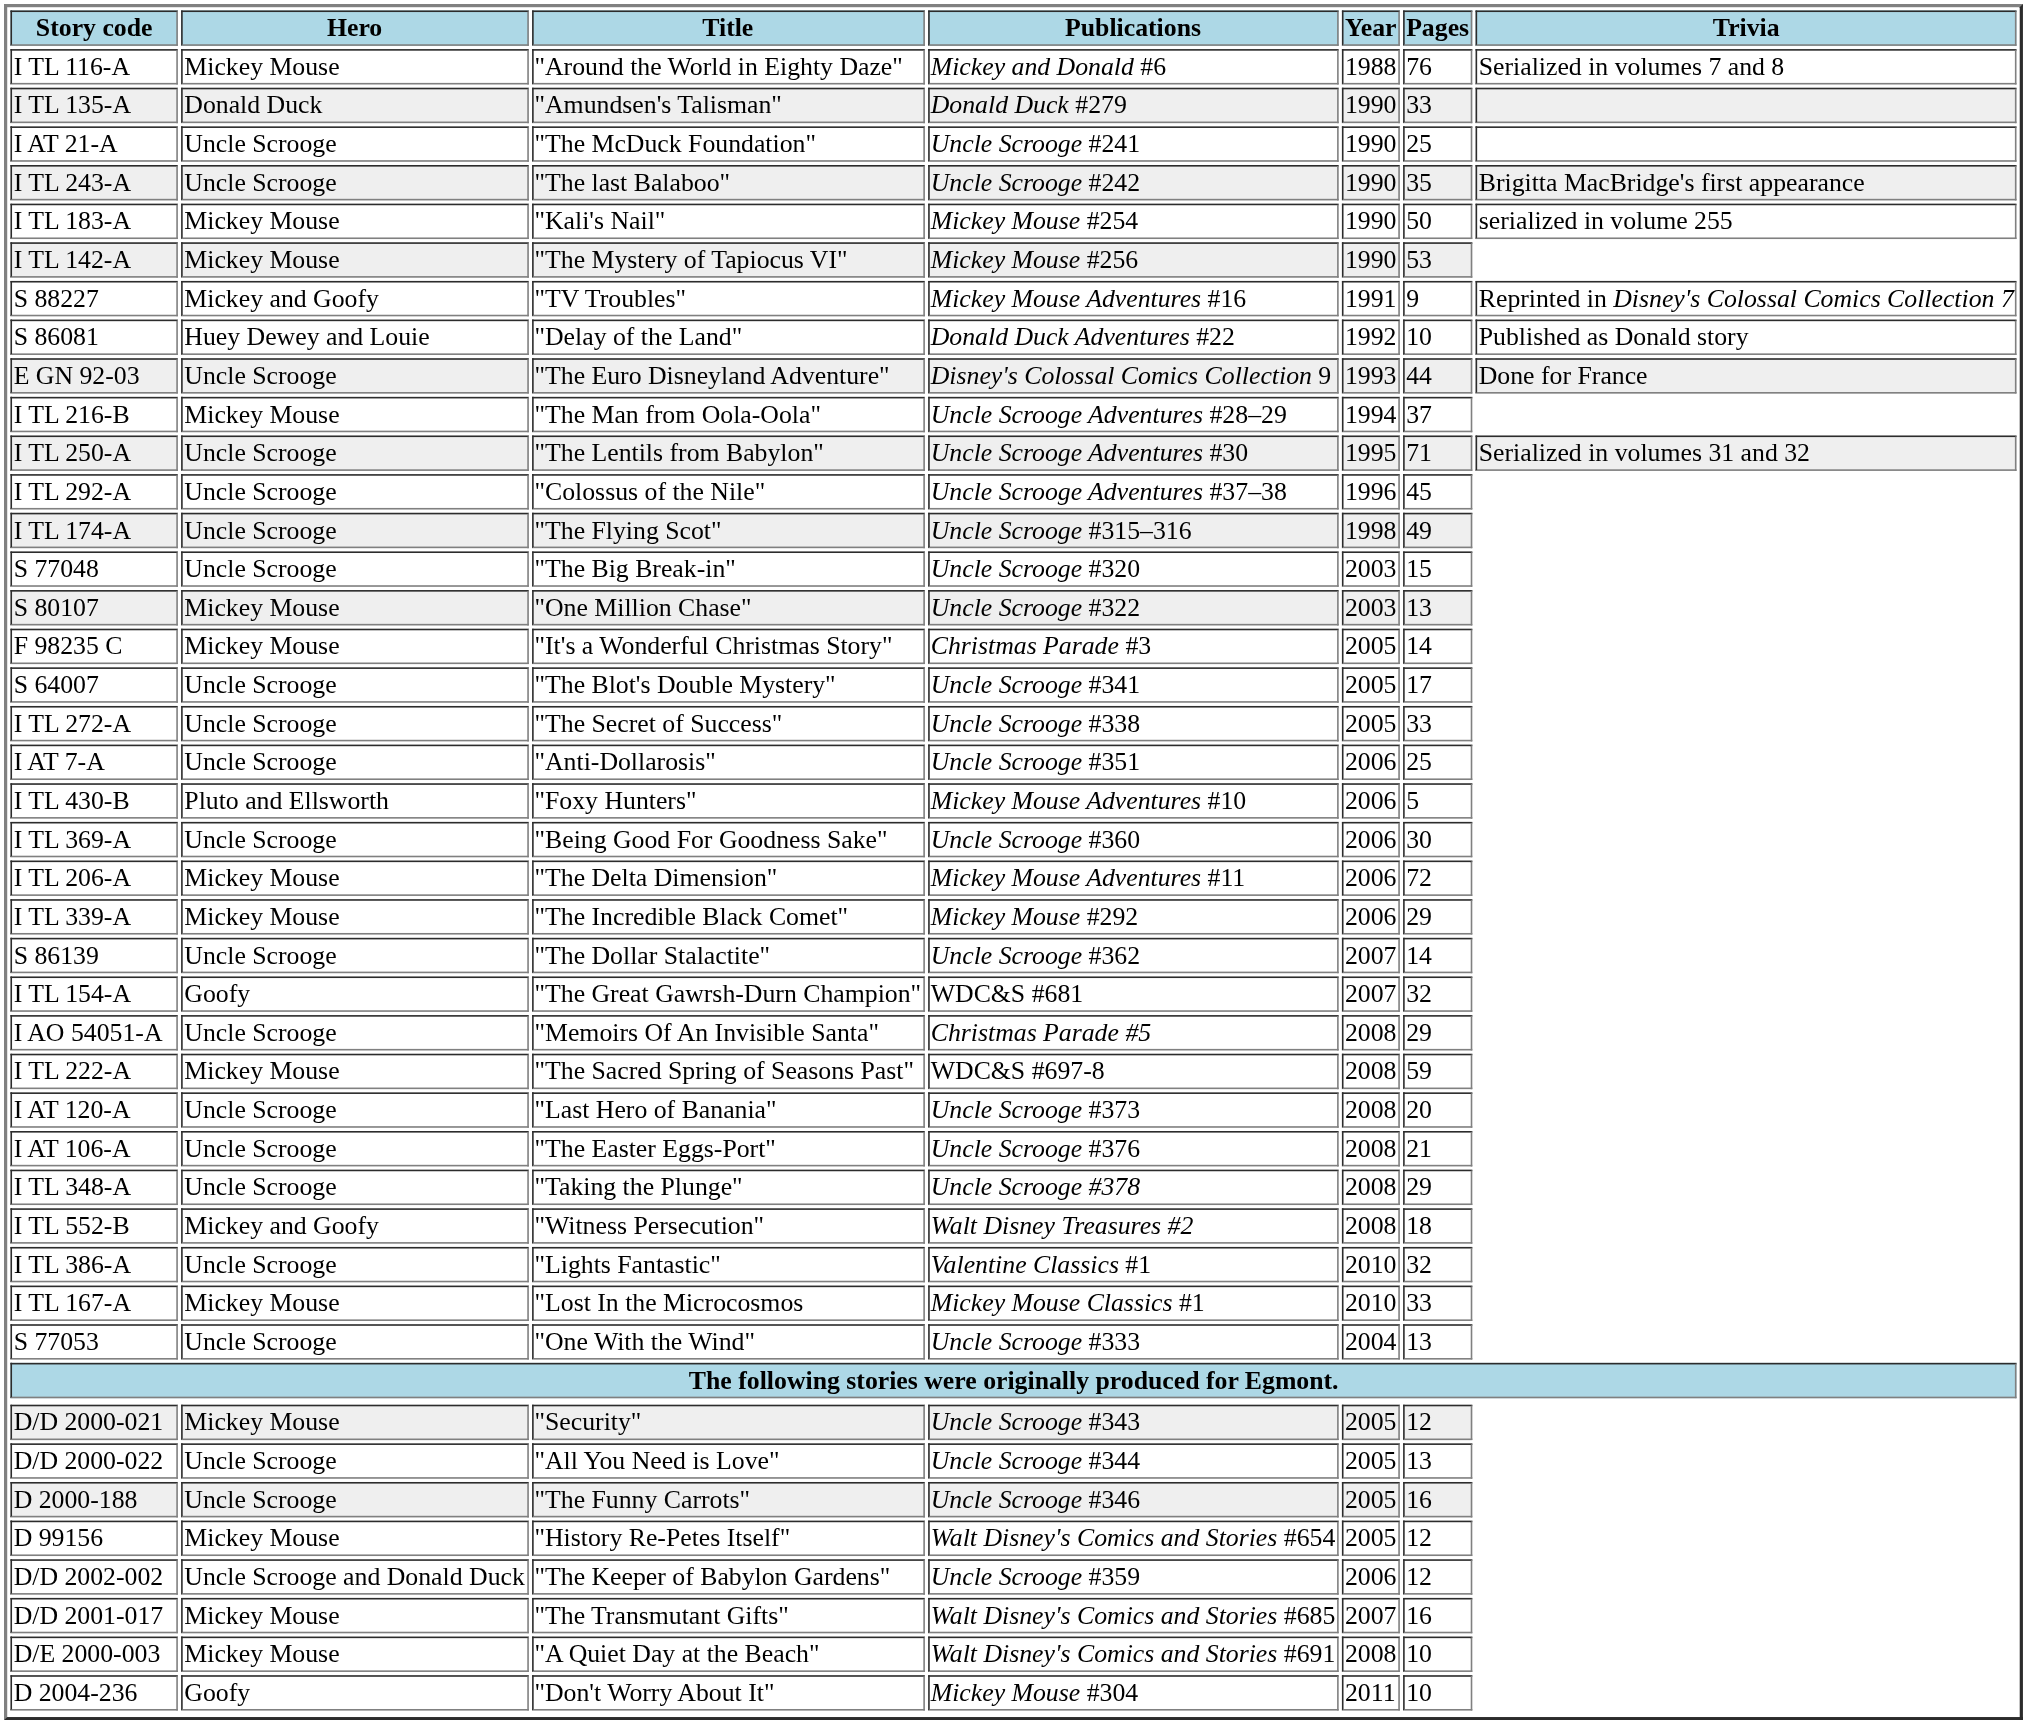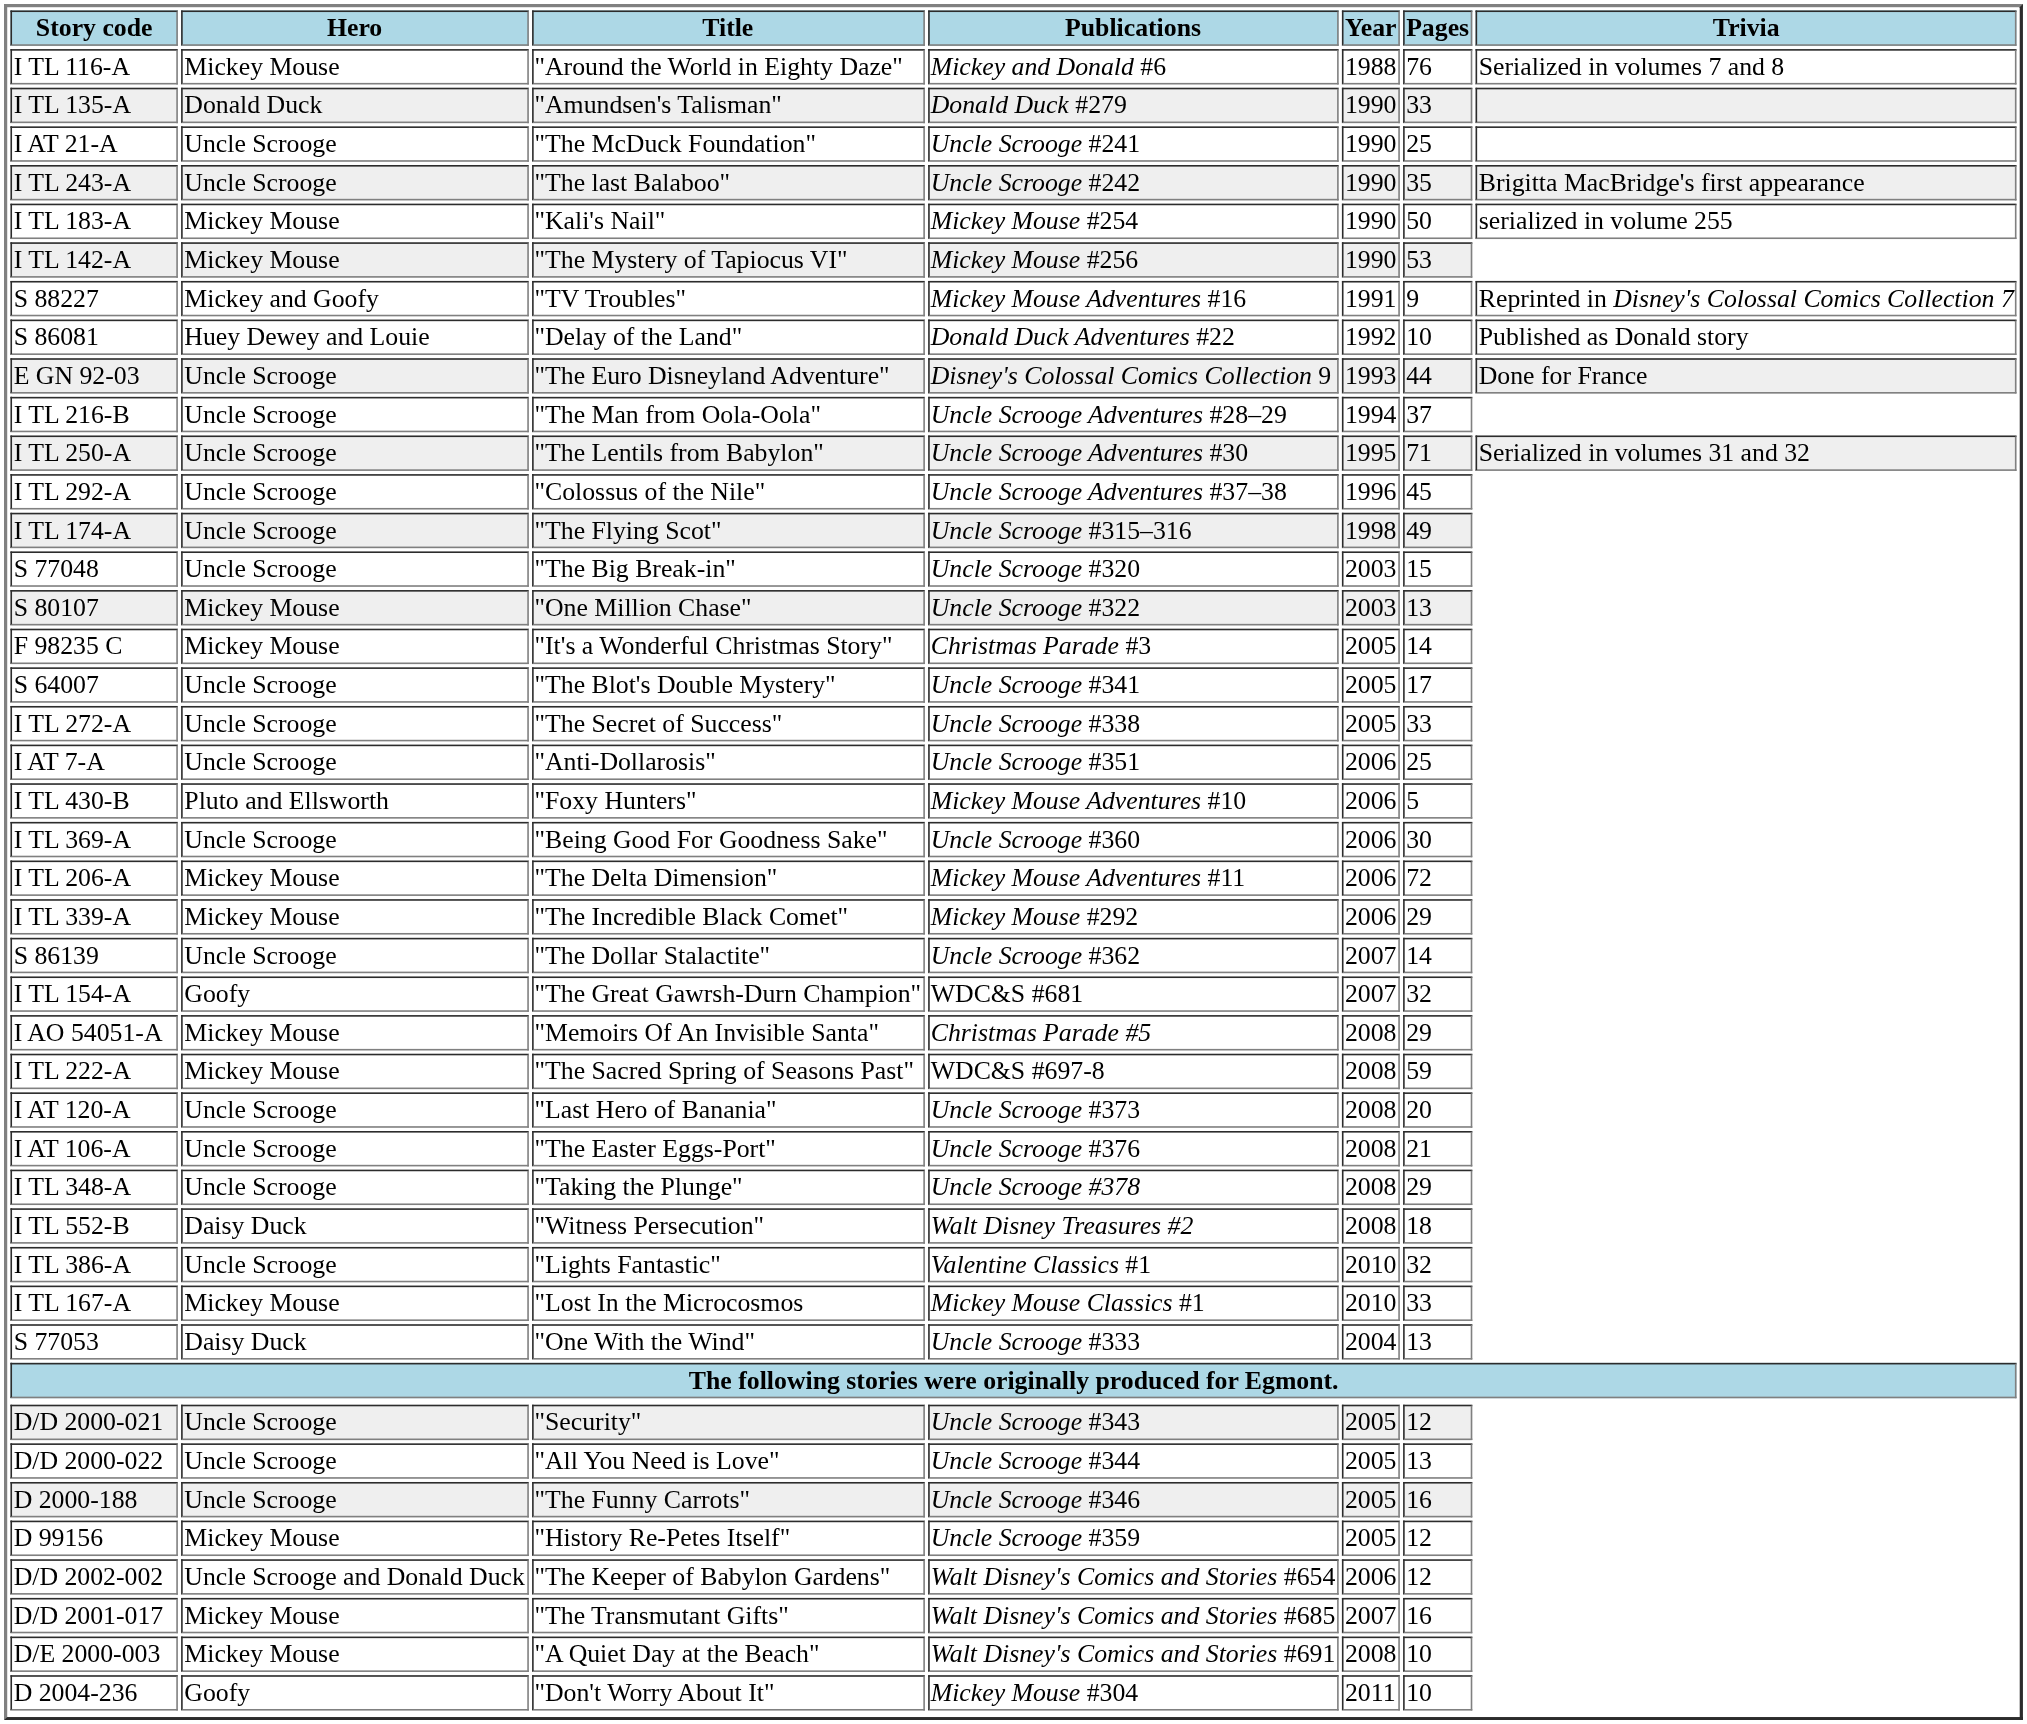 <table border="2" style="border:">
 <tr>
 <th style="background:lightblue;width:100px">Story code</th>
 <th style="background:lightblue">Hero</th>
 <th style="background:lightblue">Title</th>
 <th style="background:lightblue">Publications</th>
 <th style="background:lightblue">Year</th>
 <th style="background:lightblue">Pages</th>
 <th style="background:lightblue">Trivia</th>
 </tr>
 <tr>
 <td>I TL 116-A</td>
 <td>Mickey Mouse</td>
 <td>"Around the World in Eighty Daze"</td>
 <td><em>Mickey and Donald </em> #6</td>
 <td>1988</td>
 <td>76</td>
 <td>Serialized in volumes 7 and 8</td>
 </tr>
 <tr bgcolor="#EFEFEF">
 <td>I TL 135-A</td>
 <td>Donald Duck</td>
 <td>"Amundsen's Talisman"</td>
 <td><em>Donald Duck</em> #279</td>
 <td>1990</td>
 <td>33</td>
 <td></td>
 </tr>
 <tr>
 <td>I AT 21-A</td>
 <td>Uncle Scrooge</td>
 <td>"The McDuck Foundation"</td>
 <td><em>Uncle Scrooge</em> #241</td>
 <td>1990</td>
 <td>25</td>
 <td></td>
 </tr>
 <tr bgcolor="#EFEFEF">
 <td>I TL 243-A</td>
 <td>Uncle Scrooge</td>
 <td>"The last Balaboo"</td>
 <td><em>Uncle Scrooge</em> #242</td>
 <td>1990</td>
 <td>35</td>
 <td>Brigitta MacBridge's first appearance</td>
 </tr>
 <tr>
 <td>I TL 183-A</td>
 <td>Mickey Mouse</td>
 <td>"Kali's Nail"</td>
 <td><em>Mickey Mouse </em> #254</td>
 <td>1990</td>
 <td>50</td>
 <td>serialized in volume 255</td>
 </tr>
 <tr bgcolor="#EFEFEF">
 <td>I TL 142-A</td>
 <td>Mickey Mouse</td>
 <td>"The Mystery of Tapiocus VI"</td>
 <td><em>Mickey Mouse</em> #256</td>
 <td>1990</td>
 <td>53</td>
 </tr>
 <tr>
 <td>S 88227</td>
 <td>Mickey and Goofy</td>
 <td>"TV Troubles"</td>
 <td><em>Mickey Mouse Adventures </em>#16</td>
 <td>1991</td>
 <td>9</td>
 <td>Reprinted in <em>Disney's Colossal Comics Collection 7</em></td>
 </tr>
 <tr>
 <td>S 86081</td>
 <td>Huey Dewey and Louie</td>
 <td>"Delay of the Land"</td>
 <td><em>Donald Duck Adventures </em>#22</td>
 <td>1992</td>
 <td>10</td>
 <td>Published as Donald story</td>
 </tr>
 <tr bgcolor="#EFEFEF">
 <td>E GN 92-03</td>
 <td>Uncle Scrooge</td>
 <td>"The Euro Disneyland Adventure"</td>
 <td><em>Disney's Colossal Comics Collection </em>9</td>
 <td>1993</td>
 <td>44</td>
 <td>Done for France</td>
 </tr>
 <tr>
 <td>I TL 216-B</td>
-<td>Mickey Mouse</td>
+<td>Uncle Scrooge</td>
 <td>"The Man from Oola-Oola"</td>
 <td><em> Uncle Scrooge Adventures </em>#28–29</td>
 <td>1994</td>
 <td>37</td>
 </tr>
 <tr bgcolor="#EFEFEF">
 <td>I TL 250-A</td>
 <td>Uncle Scrooge</td>
 <td>"The Lentils from Babylon"</td>
 <td><em>Uncle Scrooge Adventures </em> #30</td>
 <td>1995</td>
 <td>71</td>
 <td>Serialized in volumes 31 and 32</td>
 </tr>
 <tr>
 <td>I TL 292-A</td>
 <td>Uncle Scrooge</td>
 <td>"Colossus of the Nile"</td>
 <td><em>Uncle Scrooge Adventures</em> #37–38</td>
 <td>1996</td>
 <td>45</td>
 </tr>
 <tr bgcolor="#EFEFEF">
 <td>I TL 174-A</td>
 <td>Uncle Scrooge</td>
 <td>"The Flying Scot"</td>
 <td><em> Uncle Scrooge</em> #315–316</td>
 <td>1998</td>
 <td>49</td>
 </tr>
 <tr>
 <td>S 77048</td>
 <td>Uncle Scrooge</td>
 <td>"The Big Break-in"</td>
 <td><em>Uncle Scrooge</em> #320</td>
 <td>2003</td>
 <td>15</td>
 </tr>
 <tr bgcolor="#EFEFEF">
 <td>S 80107</td>
 <td>Mickey Mouse</td>
 <td>"One Million Chase"</td>
 <td><em> Uncle Scrooge</em> #322</td>
 <td>2003</td>
 <td>13</td>
 </tr>
 <tr>
 <td>F 98235 C</td>
 <td>Mickey Mouse</td>
 <td>"It's a Wonderful Christmas Story"</td>
 <td><em>Christmas Parade</em> #3</td>
 <td>2005</td>
 <td>14</td>
 </tr>
 <tr>
 <td>S 64007</td>
 <td>Uncle Scrooge</td>
 <td>"The Blot's Double Mystery"</td>
 <td><em>Uncle Scrooge</em> #341</td>
 <td>2005</td>
 <td>17</td>
 </tr>
 <tr>
 <td>I TL 272-A</td>
 <td>Uncle Scrooge</td>
 <td>"The Secret of Success"</td>
 <td><em>Uncle Scrooge</em> #338</td>
 <td>2005</td>
 <td>33</td>
 </tr>
 <tr>
 <td>I AT 7-A</td>
 <td>Uncle Scrooge</td>
 <td>"Anti-Dollarosis"</td>
 <td><em>Uncle Scrooge</em> #351</td>
 <td>2006</td>
 <td>25</td>
 </tr>
 <tr>
 <td>I TL 430-B</td>
 <td>Pluto and Ellsworth</td>
 <td>"Foxy Hunters"</td>
 <td><em>Mickey Mouse Adventures</em> #10</td>
 <td>2006</td>
 <td>5</td>
 </tr>
 <tr>
 <td>I TL 369-A</td>
 <td>Uncle Scrooge</td>
 <td>"Being Good For Goodness Sake"</td>
 <td><em>Uncle Scrooge</em> #360</td>
 <td>2006</td>
 <td>30</td>
 </tr>
 <tr>
 <td>I TL 206-A</td>
 <td>Mickey Mouse</td>
 <td>"The Delta Dimension"</td>
 <td><em>Mickey Mouse Adventures</em> #11</td>
 <td>2006</td>
 <td>72</td>
 </tr>
 <tr>
 <td>I TL 339-A</td>
 <td>Mickey Mouse</td>
 <td>"The Incredible Black Comet"</td>
 <td><em>Mickey Mouse</em> #292</td>
 <td>2006</td>
 <td>29</td>
 </tr>
 <tr>
 <td>S 86139</td>
 <td>Uncle Scrooge</td>
 <td>"The Dollar Stalactite"</td>
 <td><em>Uncle Scrooge</em> #362</td>
 <td>2007</td>
 <td>14</td>
 </tr>
 <tr>
 <td>I TL 154-A</td>
 <td>Goofy</td>
 <td>"The Great Gawrsh-Durn Champion"</td>
 <td>WDC&S #681</td>
 <td>2007</td>
 <td>32</td>
 </tr>
 <tr>
 <td>I AO 54051-A</td>
-<td>Uncle Scrooge</td>
+<td>Mickey Mouse</td>
 <td>"Memoirs Of An Invisible Santa"</td>
 <td><em>Christmas Parade #5</em></td>
 <td>2008</td>
 <td>29</td>
 </tr>
 <tr>
 <td>I TL 222-A</td>
 <td>Mickey Mouse</td>
 <td>"The Sacred Spring of Seasons Past"</td>
 <td>WDC&S #697-8</td>
 <td>2008</td>
 <td>59</td>
 </tr>
 <tr>
 <td>I AT 120-A</td>
 <td>Uncle Scrooge</td>
 <td>"Last Hero of Banania"</td>
 <td><em>Uncle Scrooge</em> #373</td>
 <td>2008</td>
 <td>20</td>
 </tr>
 <tr>
 <td>I AT 106-A</td>
 <td>Uncle Scrooge</td>
 <td>"The Easter Eggs-Port"</td>
 <td><em>Uncle Scrooge</em> #376</td>
 <td>2008</td>
 <td>21</td>
 </tr>
 <tr>
 <td>I TL 348-A</td>
 <td>Uncle Scrooge</td>
 <td>"Taking the Plunge"</td>
 <td><em>Uncle Scrooge #378</em></td>
 <td>2008</td>
 <td>29</td>
 </tr>
 <tr>
 <td>I TL 552-B</td>
-<td>Mickey and Goofy</td>
+<td>Daisy Duck</td>
 <td>"Witness Persecution"</td>
 <td><em>Walt Disney Treasures #2</em></td>
 <td>2008</td>
 <td>18</td>
 </tr>
 <tr>
 <td>I TL 386-A</td>
 <td>Uncle Scrooge</td>
 <td>"Lights Fantastic"</td>
 <td><em>Valentine Classics</em> #1</td>
 <td>2010</td>
 <td>32</td>
 </tr>
 <tr>
 <td>I TL 167-A</td>
 <td>Mickey Mouse</td>
 <td>"Lost In the Microcosmos</td>
 <td><em>Mickey Mouse Classics</em> #1</td>
 <td>2010</td>
 <td>33</td>
 </tr>
 <tr>
 <td>S 77053</td>
-<td>Uncle Scrooge</td>
+<td>Daisy Duck</td>
 <td>"One With the Wind"</td>
 <td><em>Uncle Scrooge</em> #333</td>
 <td>2004</td>
 <td>13</td>
 </tr>
 <tr>
 <td colspan="7" style="background:lightblue; font-weight:bold; text-align:center;">The following stories were originally produced for Egmont.</td>
 </tr>
 <tr>
 </tr>
 <tr bgcolor="#EFEFEF">
 <td>D/D 2000-021</td>
-<td>Mickey Mouse</td>
+<td>Uncle Scrooge</td>
 <td>"Security"</td>
 <td><em>Uncle Scrooge </em>#343</td>
 <td>2005</td>
 <td>12</td>
 </tr>
 <tr>
 <td>D/D 2000-022</td>
 <td>Uncle Scrooge</td>
 <td>"All You Need is Love"</td>
 <td><em> Uncle Scrooge</em> #344</td>
 <td>2005</td>
 <td>13</td>
 </tr>
 <tr bgcolor="#EFEFEF">
 <td>D 2000-188</td>
 <td>Uncle Scrooge</td>
 <td>"The Funny Carrots"</td>
 <td><em> Uncle Scrooge </em>#346</td>
 <td>2005</td>
 <td>16</td>
 </tr>
 <tr>
 <td>D 99156</td>
 <td>Mickey Mouse</td>
 <td>"History Re-Petes Itself"</td>
-<td><em>Walt Disney's Comics and Stories</em> #654</td>
+<td><em>Uncle Scrooge</em> #359</td>
 <td>2005</td>
 <td>12</td>
 </tr>
 <tr>
 <td>D/D 2002-002</td>
 <td>Uncle Scrooge and Donald Duck</td>
 <td>"The Keeper of Babylon Gardens"</td>
-<td><em>Uncle Scrooge</em> #359</td>
+<td><em>Walt Disney's Comics and Stories</em> #654</td>
 <td>2006</td>
 <td>12</td>
 </tr>
 <tr>
 <td>D/D 2001-017</td>
 <td>Mickey Mouse</td>
 <td>"The Transmutant Gifts"</td>
 <td><em>Walt Disney's Comics and Stories</em> #685</td>
 <td>2007</td>
 <td>16</td>
 </tr>
 <tr>
 <td>D/E 2000-003</td>
 <td>Mickey Mouse</td>
 <td>"A Quiet Day at the Beach"</td>
 <td><em>Walt Disney's Comics and Stories</em> #691</td>
 <td>2008</td>
 <td>10</td>
 </tr>
 <tr>
 <td>D 2004-236</td>
 <td>Goofy</td>
 <td>"Don't Worry About It"</td>
 <td><em>Mickey Mouse</em> #304</td>
 <td>2011</td>
 <td>10</td>
 </tr>
 <tr>
 </tr>
 </table>
